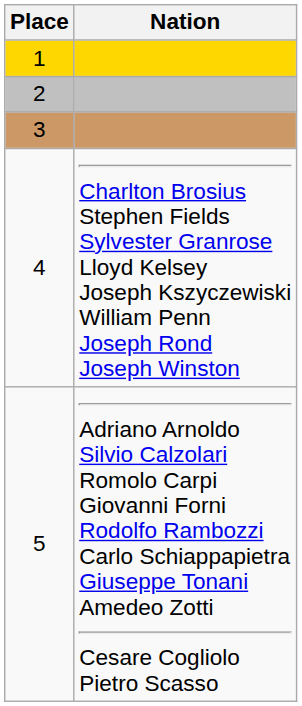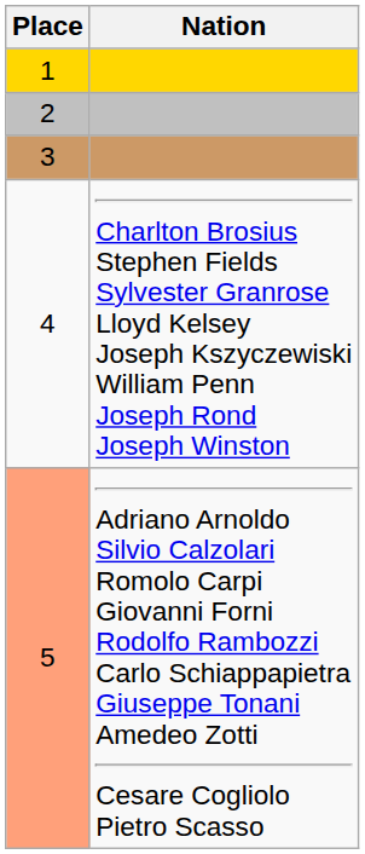 <table class="wikitable">
 <tr>
 <th>Place</th>
 <th>Nation</th>
 </tr>
 <tr align="center" style="background:gold">
 <td>1</td>
 <td align=left></td>
 </tr>
 <tr align="center" style="background:silver">
 <td>2</td>
 <td align=left></td>
 </tr>
 <tr align="center" style="background:#CC9966">
 <td>3</td>
 <td align=left></td>
 </tr>
 <tr align="center">
 <td>4</td>
 <td align=left><hr><a href='#'>Charlton Brosius</a><br>Stephen Fields<br><a href='#'>Sylvester Granrose</a><br>Lloyd Kelsey<br>Joseph Kszyczewiski<br>William Penn<br><a href='#'>Joseph Rond</a><br><a href='#'>Joseph Winston</a></td>
 </tr>
 <tr align="center">
-<td>5</td>
+<td style="background: lightsalmon;">5</td>
 <td align=left><hr>Adriano Arnoldo<br><a href='#'>Silvio Calzolari</a><br>Romolo Carpi<br> Giovanni Forni<br><a href='#'>Rodolfo Rambozzi</a><br>Carlo Schiappapietra<br><a href='#'>Giuseppe Tonani</a><br>Amedeo Zotti<hr>Cesare Cogliolo<br>Pietro Scasso</td>
 </tr>
 </table>
